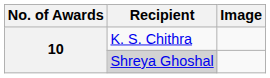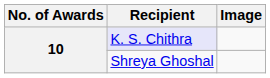 <table class="wikitable">
 <tr>
 <th>No. of Awards</th>
 <th>Recipient</th>
 <th>Image</th>
 </tr>
 <tr>
 <th rowspan=2>10</th>
-<td><a href='#'>K. S. Chithra</a></td>
+<td style="background: lavender;"><a href='#'>K. S. Chithra</a></td>
 <td></td>
 </tr>
 <tr>
-<td style="background: lightgrey;"><a href='#'>Shreya Ghoshal</a></td>
+<td><a href='#'>Shreya Ghoshal</a></td>
 <td></td>
 </tr>
 </table>
